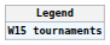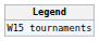 <table class="wikitable" style="font-size:85%">
 <tr>
 <th>Legend</th>
 </tr>
 <tr style="background:#f0f8ff;">
-<td><strong>W15 tournaments</strong></td>
+<td>W15 tournaments</td>
 </tr>
 </table>
